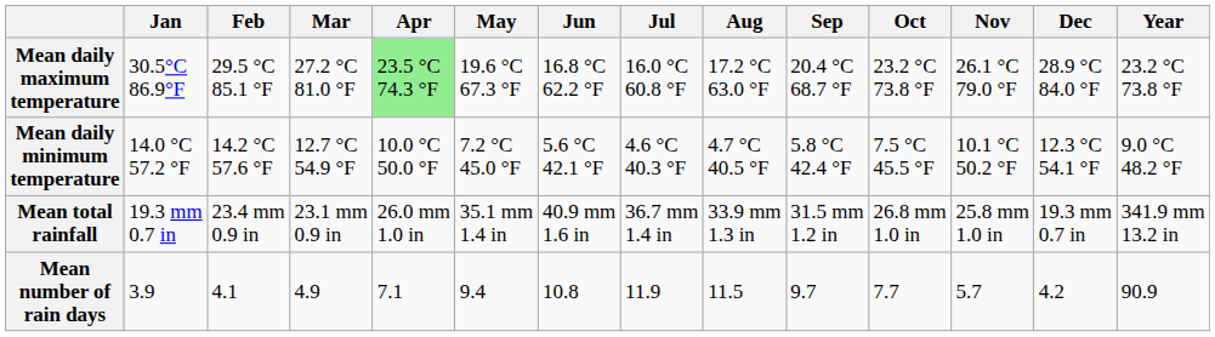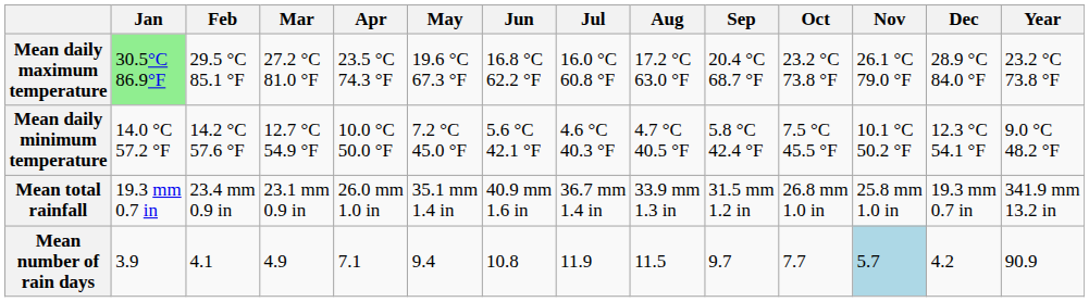 <table class="wikitable" style="margin:1em auto;">
 <tr>
 <th></th>
 <th>Jan</th>
 <th>Feb</th>
 <th>Mar</th>
 <th>Apr</th>
 <th>May</th>
 <th>Jun</th>
 <th>Jul</th>
 <th>Aug</th>
 <th>Sep</th>
 <th>Oct</th>
 <th>Nov</th>
 <th>Dec</th>
 <th>Year</th>
 </tr>
 <tr>
 <th>Mean daily maximum temperature</th>
-<td>30.5<a href='#'>°C</a><br>86.9<a href='#'>°F</a></td>
+<td style="background: lightgreen;">30.5<a href='#'>°C</a><br>86.9<a href='#'>°F</a></td>
 <td>29.5 °C<br>85.1 °F</td>
 <td>27.2 °C<br>81.0 °F</td>
-<td style="background: lightgreen;">23.5 °C<br>74.3 °F</td>
+<td>23.5 °C<br>74.3 °F</td>
 <td>19.6 °C<br>67.3 °F</td>
 <td>16.8 °C<br>62.2 °F</td>
 <td>16.0 °C<br>60.8 °F</td>
 <td>17.2 °C<br>63.0 °F</td>
 <td>20.4 °C<br>68.7 °F</td>
 <td>23.2 °C<br>73.8 °F</td>
 <td>26.1 °C<br>79.0 °F</td>
 <td>28.9 °C<br>84.0 °F</td>
 <td>23.2 °C<br>73.8 °F</td>
 </tr>
 <tr>
 <th>Mean daily minimum temperature</th>
 <td>14.0 °C<br>57.2 °F</td>
 <td>14.2 °C<br>57.6 °F</td>
 <td>12.7 °C<br>54.9 °F</td>
 <td>10.0 °C<br>50.0 °F</td>
 <td>7.2 °C<br>45.0 °F</td>
 <td>5.6 °C<br>42.1 °F</td>
 <td>4.6 °C<br>40.3 °F</td>
 <td>4.7 °C<br>40.5 °F</td>
 <td>5.8 °C<br>42.4 °F</td>
 <td>7.5 °C<br>45.5 °F</td>
 <td>10.1 °C<br>50.2 °F</td>
 <td>12.3 °C<br>54.1 °F</td>
 <td>9.0 °C<br>48.2 °F</td>
 </tr>
 <tr>
 <th>Mean total rainfall</th>
 <td>19.3 <a href='#'>mm</a><br>0.7 <a href='#'>in</a></td>
 <td>23.4 mm<br>0.9 in</td>
 <td>23.1 mm<br>0.9 in</td>
 <td>26.0 mm<br>1.0 in</td>
 <td>35.1 mm<br>1.4 in</td>
 <td>40.9 mm<br>1.6 in</td>
 <td>36.7 mm<br>1.4 in</td>
 <td>33.9 mm<br>1.3 in</td>
 <td>31.5 mm<br>1.2 in</td>
 <td>26.8 mm<br>1.0 in</td>
 <td>25.8 mm<br>1.0 in</td>
 <td>19.3 mm<br>0.7 in</td>
 <td>341.9 mm<br>13.2 in</td>
 </tr>
 <tr>
 <th>Mean number of rain days</th>
 <td>3.9</td>
 <td>4.1</td>
 <td>4.9</td>
 <td>7.1</td>
 <td>9.4</td>
 <td>10.8</td>
 <td>11.9</td>
 <td>11.5</td>
 <td>9.7</td>
 <td>7.7</td>
-<td>5.7</td>
+<td style="background: lightblue;">5.7</td>
 <td>4.2</td>
 <td>90.9</td>
 </tr>
 </table>
